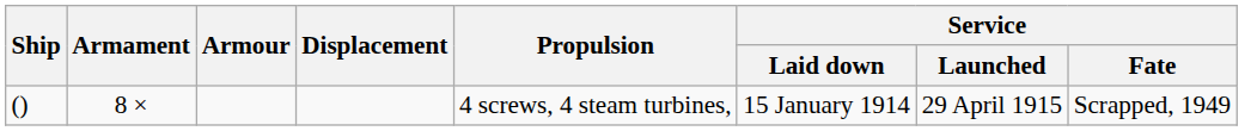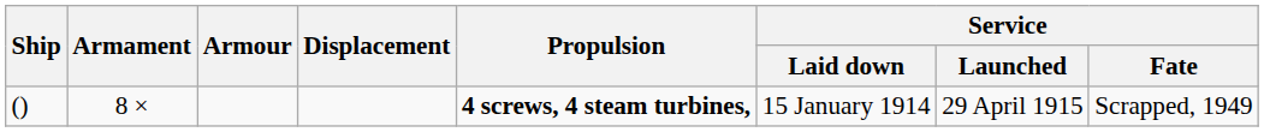 <table class="wikitable">
 <tr valign="center">
 <th align= center rowspan=2>Ship</th>
 <th align= center rowspan=2>Armament</th>
 <th align= center rowspan=2>Armour</th>
 <th align= center rowspan=2>Displacement</th>
 <th align= center rowspan=2>Propulsion</th>
 <th align= center colspan=3>Service</th>
 </tr>
 <tr valign="top">
 <th align= center>Laid down</th>
 <th align= center>Launched</th>
 <th align= center>Fate</th>
 </tr>
 <tr valign="center">
 <td align= left> ()</td>
 <td align= center>8 × </td>
 <td align= center></td>
 <td align= center></td>
-<td align= center>4 screws, 4 steam turbines, </td>
+<td align= center><strong>4 screws, 4 steam turbines, </strong></td>
 <td align= center>15 January 1914</td>
 <td align= center>29 April 1915</td>
 <td align= center>Scrapped, 1949</td>
 </tr>
 </table>
